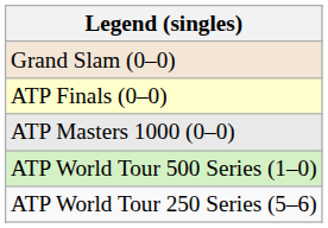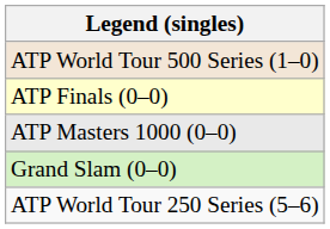 <table class="wikitable sortable mw-collapsible mw-collapsed">
 <tr>
 <th>Legend (singles)</th>
 </tr>
 <tr style="background:#f3e6d7;">
-<td>Grand Slam (0–0)</td>
+<td>ATP World Tour 500 Series (1–0)</td>
 </tr>
 <tr style="background:#ffffcc;">
 <td>ATP Finals (0–0)</td>
 </tr>
 <tr style="background:#e9e9e9;">
 <td>ATP Masters 1000 (0–0)</td>
 </tr>
 <tr style="background:#d4f1c5;">
-<td>ATP World Tour 500 Series (1–0)</td>
+<td>Grand Slam (0–0)</td>
 </tr>
 <tr>
 <td>ATP World Tour 250 Series (5–6)</td>
 </tr>
 </table>
